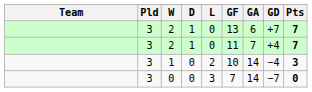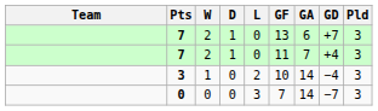 <table class="wikitable" style="text-align:center;">
 <tr>
 <th width=165>Team</th>
-<th width=20>Pld</th>
+<th width=20>Pts</th>
 <th width=20>W</th>
 <th width=20>D</th>
 <th width=20>L</th>
 <th width=20>GF</th>
 <th width=20>GA</th>
 <th width=20>GD</th>
-<th width=20>Pts</th>
+<th width=20>Pld</th>
 </tr>
 <tr style="background:#cfc;">
 <td style="text-align:left;"></td>
-<td>3</td>
+<td><strong>7</strong></td>
 <td>2</td>
 <td>1</td>
 <td>0</td>
 <td>13</td>
 <td>6</td>
 <td>+7</td>
-<td><strong>7</strong></td>
+<td>3</td>
 </tr>
 <tr style="background:#cfc;">
 <td style="text-align:left;"></td>
-<td>3</td>
+<td><strong>7</strong></td>
 <td>2</td>
 <td>1</td>
 <td>0</td>
 <td>11</td>
 <td>7</td>
 <td>+4</td>
-<td><strong>7</strong></td>
+<td>3</td>
 </tr>
 <tr>
 <td style="text-align:left;"></td>
-<td>3</td>
+<td><strong>3</strong></td>
 <td>1</td>
 <td>0</td>
 <td>2</td>
 <td>10</td>
 <td>14</td>
 <td>−4</td>
-<td><strong>3</strong></td>
+<td>3</td>
 </tr>
 <tr>
 <td style="text-align:left;"></td>
-<td>3</td>
+<td><strong>0</strong></td>
 <td>0</td>
 <td>0</td>
 <td>3</td>
 <td>7</td>
 <td>14</td>
 <td>−7</td>
-<td><strong>0</strong></td>
+<td>3</td>
 </tr>
 </table>
